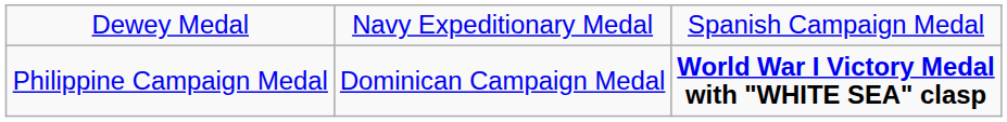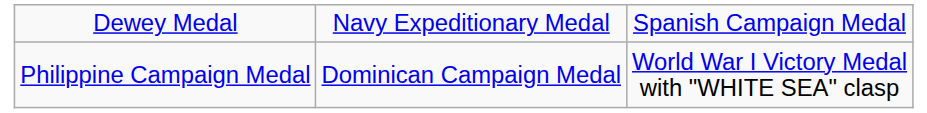 <table class="wikitable" style="margin:1em auto; text-align:center;">
 <tr>
 <td><a href='#'>Dewey Medal</a></td>
 <td><a href='#'>Navy Expeditionary Medal</a></td>
 <td><a href='#'>Spanish Campaign Medal</a></td>
 </tr>
 <tr>
 <td><a href='#'>Philippine Campaign Medal</a></td>
 <td><a href='#'>Dominican Campaign Medal</a></td>
-<td><strong><a href='#'>World War I Victory Medal</a><br>with "WHITE SEA" clasp</strong></td>
+<td><a href='#'>World War I Victory Medal</a><br>with "WHITE SEA" clasp</td>
 </tr>
 </table>
